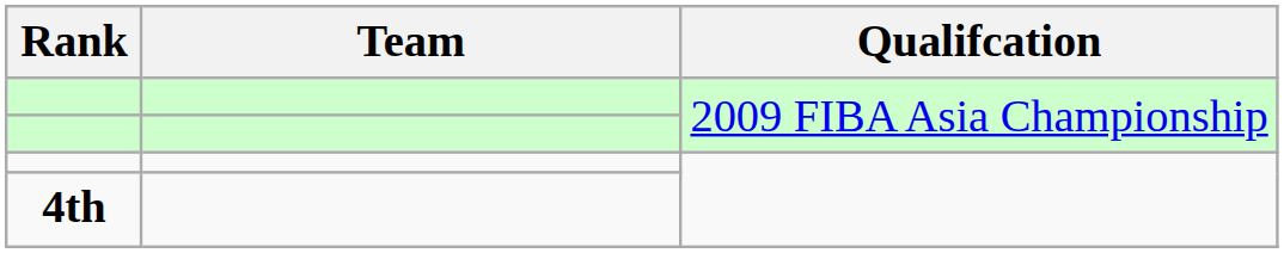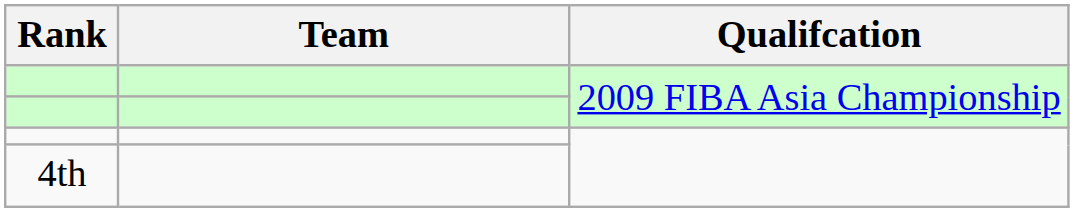 <table class=wikitable style="text-align:center;">
 <tr>
 <th width=40>Rank</th>
 <th width=180>Team</th>
 <th>Qualifcation</th>
 </tr>
 <tr bgcolor="#ccffcc">
 <td></td>
 <td align=left></td>
 <td rowspan=2><a href='#'>2009 FIBA Asia Championship</a></td>
 </tr>
 <tr bgcolor="#ccffcc">
 <td></td>
 <td align=left></td>
 </tr>
 <tr>
 <td></td>
 <td align=left></td>
 <td rowspan=4></td>
 </tr>
 <tr>
-<td><strong>4th</strong></td>
+<td>4th</td>
 <td align=left></td>
 </tr>
 </table>
